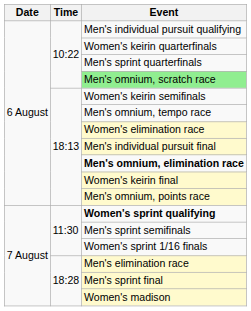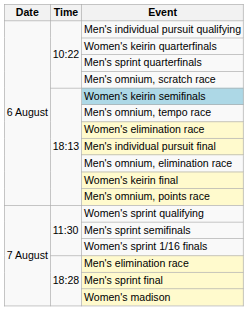 <table class="wikitable">
 <tr>
 <th>Date</th>
 <th>Time</th>
 <th>Event</th>
 </tr>
 <tr>
 <td rowspan=11>6 August</td>
 <td rowspan=4>10:22</td>
 <td>Men's individual pursuit qualifying</td>
 </tr>
 <tr>
 <td>Women's keirin quarterfinals</td>
 </tr>
 <tr>
 <td>Men's sprint quarterfinals</td>
 </tr>
 <tr>
-<td style="background: lightgreen;">Men's omnium, scratch race</td>
+<td>Men's omnium, scratch race</td>
 </tr>
 <tr>
 <td rowspan=7>18:13</td>
-<td>Women's keirin semifinals</td>
+<td style="background: lightblue;">Women's keirin semifinals</td>
 </tr>
 <tr>
 <td>Men's omnium, tempo race</td>
 </tr>
 <tr>
 <td style="background:lemonchiffon">Women's elimination race</td>
 </tr>
 <tr>
 <td style="background:lemonchiffon">Men's individual pursuit  final</td>
 </tr>
 <tr>
-<td><strong>Men's omnium, elimination race</strong></td>
+<td>Men's omnium, elimination race</td>
 </tr>
 <tr>
 <td style="background:lemonchiffon">Women's keirin final</td>
 </tr>
 <tr>
 <td style="background:lemonchiffon">Men's omnium, points race</td>
 </tr>
 <tr>
 <td rowspan=6>7 August</td>
 <td rowspan=3>11:30</td>
-<td><strong>Women's sprint qualifying</strong></td>
+<td>Women's sprint qualifying</td>
 </tr>
 <tr>
 <td>Men's sprint semifinals</td>
 </tr>
 <tr>
 <td>Women's sprint 1/16 finals</td>
 </tr>
 <tr>
 <td rowspan=3>18:28</td>
 <td style="background:lemonchiffon">Men's elimination race</td>
 </tr>
 <tr>
 <td style="background:lemonchiffon">Men's sprint final</td>
 </tr>
 <tr>
 <td style="background:lemonchiffon">Women's madison</td>
 </tr>
 </table>
